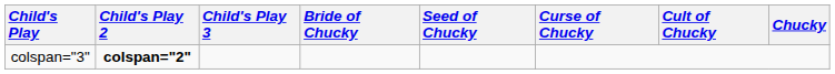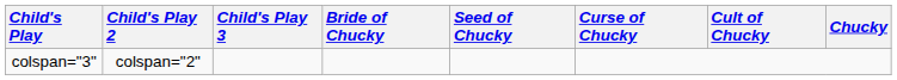 <table class="wikitable plainrowheaders" style="text-align:center" width=100%>
 <tr>
 <th scope="row" style="text-align:left"><em><a href='#'>Child's Play</a></em></th>
 <th scope="row" style="text-align:left"><em><a href='#'>Child's Play 2</a></em></th>
 <th scope="row" style="text-align:left"><em><a href='#'>Child's Play 3</a></em></th>
 <th scope="row" style="text-align:left"><em><a href='#'>Bride of Chucky</a></em></th>
 <th scope="row" style="text-align:left"><em><a href='#'>Seed of Chucky</a></em></th>
 <th scope="row" style="text-align:left"><em><a href='#'>Curse of Chucky</a></em></th>
 <th scope="row" style="text-align:left"><em><a href='#'>Cult of Chucky</a></em></th>
 <th scope="row" style="text-align:left"><em><a href='#'>Chucky</a></em></th>
 </tr>
 <tr>
 <td>colspan="3" </td>
-<td><strong>colspan="2" </strong></td>
+<td>colspan="2" </td>
 <td></td>
 <td></td>
 <td></td>
 </tr>
 </table>
